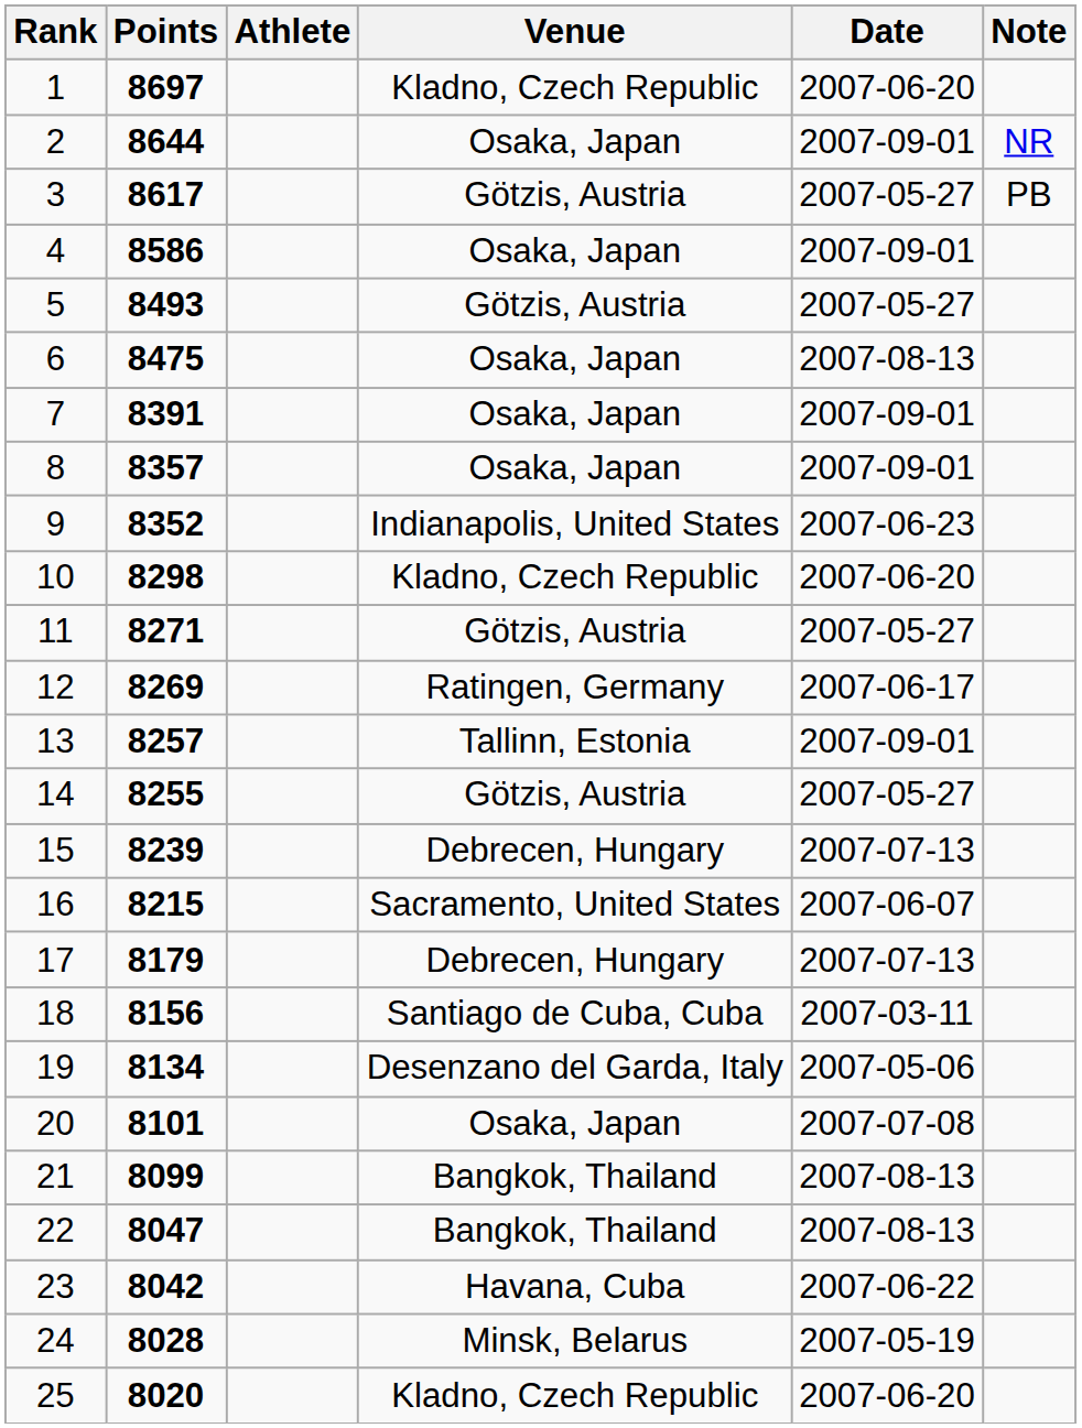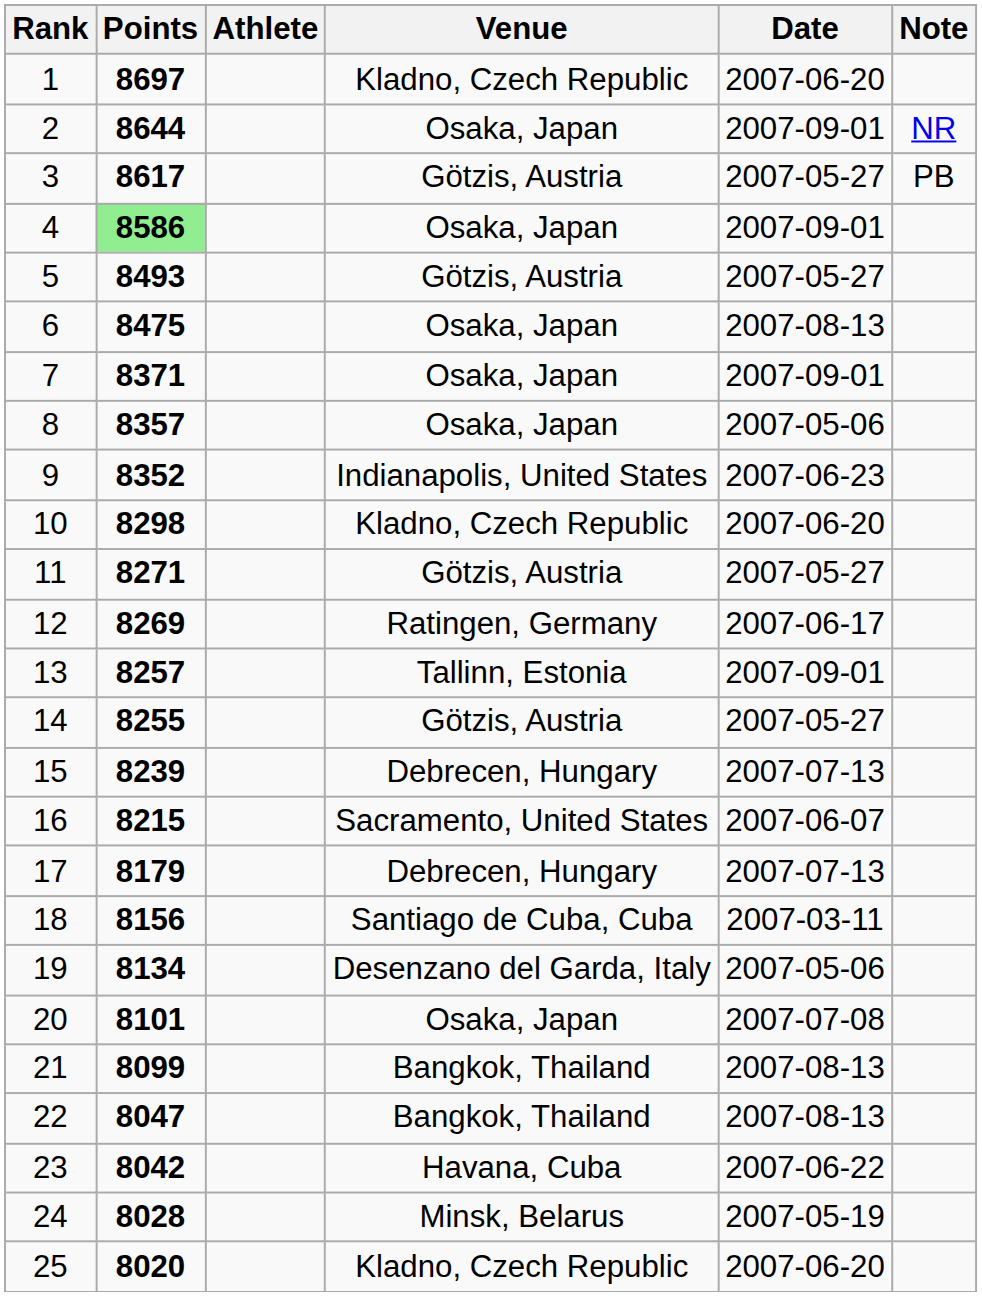 <table class="wikitable" style=" text-align:center;">
 <tr>
 <th>Rank</th>
 <th>Points</th>
 <th>Athlete</th>
 <th>Venue</th>
 <th>Date</th>
 <th>Note</th>
 </tr>
 <tr>
 <td>1</td>
 <td><strong>8697</strong></td>
 <td align=left></td>
 <td>Kladno, Czech Republic</td>
 <td>2007-06-20</td>
 <td></td>
 </tr>
 <tr>
 <td>2</td>
 <td><strong>8644</strong></td>
 <td align=left></td>
 <td>Osaka, Japan</td>
 <td>2007-09-01</td>
 <td><a href='#'>NR</a></td>
 </tr>
 <tr>
 <td>3</td>
 <td><strong>8617</strong></td>
 <td align=left></td>
 <td>Götzis, Austria</td>
 <td>2007-05-27</td>
 <td>PB</td>
 </tr>
 <tr>
 <td>4</td>
-<td><strong>8586</strong></td>
+<td style="background: lightgreen;"><strong>8586</strong></td>
 <td align=left></td>
 <td>Osaka, Japan</td>
 <td>2007-09-01</td>
 <td></td>
 </tr>
 <tr>
 <td>5</td>
 <td><strong>8493</strong></td>
 <td align=left></td>
 <td>Götzis, Austria</td>
 <td>2007-05-27</td>
 <td></td>
 </tr>
 <tr>
 <td>6</td>
 <td><strong>8475</strong></td>
 <td align=left></td>
 <td>Osaka, Japan</td>
 <td>2007-08-13</td>
 <td></td>
 </tr>
 <tr>
 <td>7</td>
-<td><strong>8391</strong></td>
+<td><strong>8371</strong></td>
 <td align=left></td>
 <td>Osaka, Japan</td>
 <td>2007-09-01</td>
 <td></td>
 </tr>
 <tr>
 <td>8</td>
 <td><strong>8357</strong></td>
 <td align=left></td>
 <td>Osaka, Japan</td>
-<td>2007-09-01</td>
+<td>2007-05-06</td>
 <td></td>
 </tr>
 <tr>
 <td>9</td>
 <td><strong>8352</strong></td>
 <td align=left></td>
 <td>Indianapolis, United States</td>
 <td>2007-06-23</td>
 <td></td>
 </tr>
 <tr>
 <td>10</td>
 <td><strong>8298</strong></td>
 <td align=left></td>
 <td>Kladno, Czech Republic</td>
 <td>2007-06-20</td>
 <td></td>
 </tr>
 <tr>
 <td>11</td>
 <td><strong>8271</strong></td>
 <td align=left></td>
 <td>Götzis, Austria</td>
 <td>2007-05-27</td>
 <td></td>
 </tr>
 <tr>
 <td>12</td>
 <td><strong>8269</strong></td>
 <td align=left></td>
 <td>Ratingen, Germany</td>
 <td>2007-06-17</td>
 <td></td>
 </tr>
 <tr>
 <td>13</td>
 <td><strong>8257</strong></td>
 <td align=left></td>
 <td>Tallinn, Estonia</td>
 <td>2007-09-01</td>
 <td></td>
 </tr>
 <tr>
 <td>14</td>
 <td><strong>8255</strong></td>
 <td align=left></td>
 <td>Götzis, Austria</td>
 <td>2007-05-27</td>
 <td></td>
 </tr>
 <tr>
 <td>15</td>
 <td><strong>8239</strong></td>
 <td align=left></td>
 <td>Debrecen, Hungary</td>
 <td>2007-07-13</td>
 <td></td>
 </tr>
 <tr>
 <td>16</td>
 <td><strong>8215</strong></td>
 <td align=left></td>
 <td>Sacramento, United States</td>
 <td>2007-06-07</td>
 <td></td>
 </tr>
 <tr>
 <td>17</td>
 <td><strong>8179</strong></td>
 <td align=left></td>
 <td>Debrecen, Hungary</td>
 <td>2007-07-13</td>
 <td></td>
 </tr>
 <tr>
 <td>18</td>
 <td><strong>8156</strong></td>
 <td align=left></td>
 <td>Santiago de Cuba, Cuba</td>
 <td>2007-03-11</td>
 <td></td>
 </tr>
 <tr>
 <td>19</td>
 <td><strong>8134</strong></td>
 <td align=left></td>
 <td>Desenzano del Garda, Italy</td>
 <td>2007-05-06</td>
 <td></td>
 </tr>
 <tr>
 <td>20</td>
 <td><strong>8101</strong></td>
 <td align=left></td>
 <td>Osaka, Japan</td>
 <td>2007-07-08</td>
 <td></td>
 </tr>
 <tr>
 <td>21</td>
 <td><strong>8099</strong></td>
 <td align=left></td>
 <td>Bangkok, Thailand</td>
 <td>2007-08-13</td>
 <td></td>
 </tr>
 <tr>
 <td>22</td>
 <td><strong>8047</strong></td>
 <td align=left></td>
 <td>Bangkok, Thailand</td>
 <td>2007-08-13</td>
 <td></td>
 </tr>
 <tr>
 <td>23</td>
 <td><strong>8042</strong></td>
 <td align=left></td>
 <td>Havana, Cuba</td>
 <td>2007-06-22</td>
 <td></td>
 </tr>
 <tr>
 <td>24</td>
 <td><strong>8028</strong></td>
 <td align=left></td>
 <td>Minsk, Belarus</td>
 <td>2007-05-19</td>
 <td></td>
 </tr>
 <tr>
 <td>25</td>
 <td><strong>8020</strong></td>
 <td align=left></td>
 <td>Kladno, Czech Republic</td>
 <td>2007-06-20</td>
 <td></td>
 </tr>
 </table>
